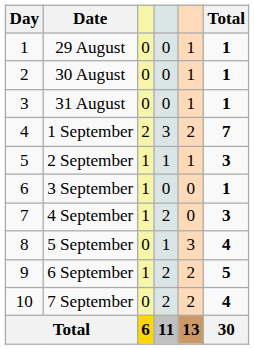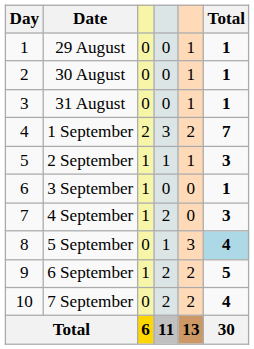 <table class=wikitable style="font-size:85%; float:right; text-align:center">
 <tr>
 <th>Day</th>
 <th>Date</th>
 <td bgcolor=F7F6A8></td>
 <td bgcolor=DCE5E5></td>
 <td bgcolor=FFDAB9></td>
 <th>Total</th>
 </tr>
 <tr>
 <td>1</td>
 <td>29 August</td>
 <td bgcolor=F7F6A8>0</td>
 <td bgcolor=DCE5E5>0</td>
 <td bgcolor=FFDAB9>1</td>
 <td><strong>1</strong></td>
 </tr>
 <tr>
 <td>2</td>
 <td>30 August</td>
 <td bgcolor=F7F6A8>0</td>
 <td bgcolor=DCE5E5>0</td>
 <td bgcolor=FFDAB9>1</td>
 <td><strong>1</strong></td>
 </tr>
 <tr>
 <td>3</td>
 <td>31 August</td>
 <td bgcolor=F7F6A8>0</td>
 <td bgcolor=DCE5E5>0</td>
 <td bgcolor=FFDAB9>1</td>
 <td><strong>1</strong></td>
 </tr>
 <tr>
 <td>4</td>
 <td>1 September</td>
 <td bgcolor=F7F6A8>2</td>
 <td bgcolor=DCE5E5>3</td>
 <td bgcolor=FFDAB9>2</td>
 <td><strong>7</strong></td>
 </tr>
 <tr>
 <td>5</td>
 <td>2 September</td>
 <td bgcolor=F7F6A8>1</td>
 <td bgcolor=DCE5E5>1</td>
 <td bgcolor=FFDAB9>1</td>
 <td><strong>3</strong></td>
 </tr>
 <tr>
 <td>6</td>
 <td>3 September</td>
 <td bgcolor=F7F6A8>1</td>
 <td bgcolor=DCE5E5>0</td>
 <td bgcolor=FFDAB9>0</td>
 <td><strong>1</strong></td>
 </tr>
 <tr>
 <td>7</td>
 <td>4 September</td>
 <td bgcolor=F7F6A8>1</td>
 <td bgcolor=DCE5E5>2</td>
 <td bgcolor=FFDAB9>0</td>
 <td><strong>3</strong></td>
 </tr>
 <tr>
 <td>8</td>
 <td>5 September</td>
 <td bgcolor=F7F6A8>0</td>
 <td bgcolor=DCE5E5>1</td>
 <td bgcolor=FFDAB9>3</td>
-<td><strong>4</strong></td>
+<td style="background: lightblue;"><strong>4</strong></td>
 </tr>
 <tr>
 <td>9</td>
 <td>6 September</td>
 <td bgcolor=F7F6A8>1</td>
 <td bgcolor=DCE5E5>2</td>
 <td bgcolor=FFDAB9>2</td>
 <td><strong>5</strong></td>
 </tr>
 <tr>
 <td>10</td>
 <td>7 September</td>
 <td bgcolor=F7F6A8>0</td>
 <td bgcolor=DCE5E5>2</td>
 <td bgcolor=FFDAB9>2</td>
 <td><strong>4</strong></td>
 </tr>
 <tr>
 <th colspan=2>Total</th>
 <th style=background:gold>6</th>
 <th style=background:silver>11</th>
 <th style=background:#c96>13</th>
 <th>30</th>
 </tr>
 </table>
